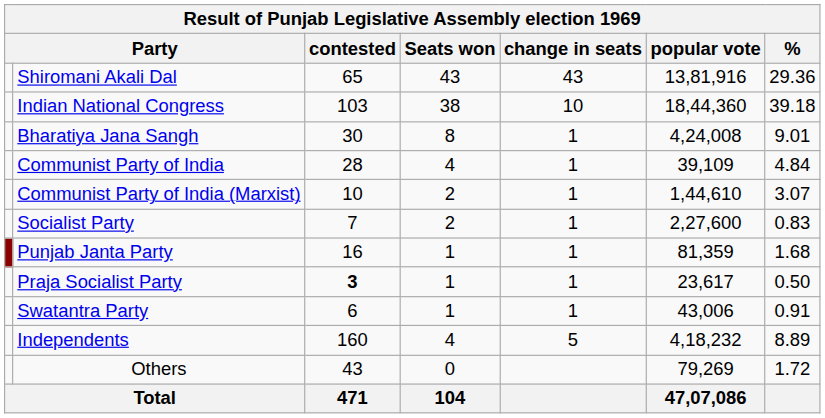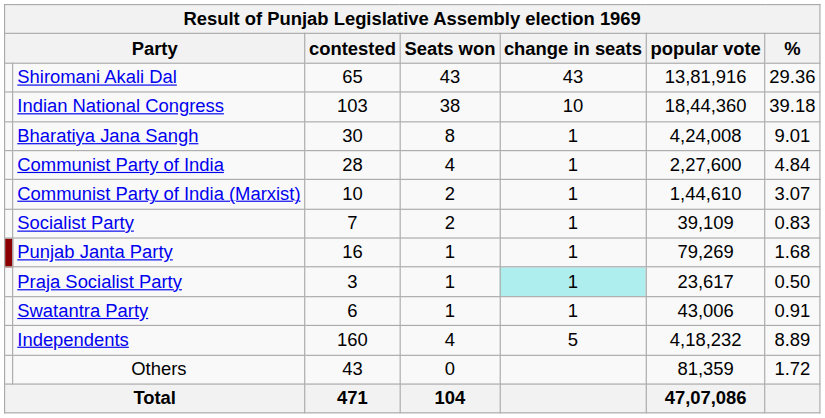 <table class=wikitable style="text-align:center">
 <tr>
 <th colspan=7>Result of Punjab Legislative Assembly election 1969</th>
 </tr>
 <tr>
 <th colspan=2>Party</th>
 <th>contested</th>
 <th>Seats won</th>
 <th>change in seats</th>
 <th>popular vote</th>
 <th>%</th>
 </tr>
 <tr>
 <td></td>
 <td align=left><a href='#'>Shiromani Akali Dal</a></td>
 <td>65</td>
 <td>43</td>
 <td> 43</td>
 <td>13,81,916</td>
 <td>29.36</td>
 </tr>
 <tr>
 <td></td>
 <td align=left><a href='#'>Indian National Congress</a></td>
 <td>103</td>
 <td>38</td>
 <td> 10</td>
 <td>18,44,360</td>
 <td>39.18</td>
 </tr>
 <tr>
 <td></td>
 <td align=left><a href='#'>Bharatiya Jana Sangh</a></td>
 <td>30</td>
 <td>8</td>
 <td> 1</td>
 <td>4,24,008</td>
 <td>9.01</td>
 </tr>
 <tr>
 <td></td>
 <td align=left><a href='#'>Communist Party of India</a></td>
 <td>28</td>
 <td>4</td>
 <td> 1</td>
-<td>39,109</td>
+<td>2,27,600</td>
 <td>4.84</td>
 </tr>
 <tr>
 <td></td>
 <td align=left><a href='#'>Communist Party of India (Marxist)</a></td>
 <td>10</td>
 <td>2</td>
 <td> 1</td>
 <td>1,44,610</td>
 <td>3.07</td>
 </tr>
 <tr>
 <td></td>
 <td align=left><a href='#'>Socialist Party</a></td>
 <td>7</td>
 <td>2</td>
 <td> 1</td>
-<td>2,27,600</td>
+<td>39,109</td>
 <td>0.83</td>
 </tr>
 <tr>
 <td bgcolor="darkred"></td>
 <td align=left><a href='#'>Punjab Janta Party</a></td>
 <td>16</td>
 <td>1</td>
 <td> 1</td>
-<td>81,359</td>
+<td>79,269</td>
 <td>1.68</td>
 </tr>
 <tr>
 <td></td>
 <td align=left><a href='#'>Praja Socialist Party</a></td>
-<td><strong>3</strong></td>
+<td>3</td>
 <td>1</td>
-<td> 1</td>
+<td style="background: paleturquoise;"> 1</td>
 <td>23,617</td>
 <td>0.50</td>
 </tr>
 <tr>
 <td></td>
 <td align=left><a href='#'>Swatantra Party</a></td>
 <td>6</td>
 <td>1</td>
 <td> 1</td>
 <td>43,006</td>
 <td>0.91</td>
 </tr>
 <tr>
 <td></td>
 <td align=left><a href='#'>Independents</a></td>
 <td>160</td>
 <td>4</td>
 <td> 5</td>
 <td>4,18,232</td>
 <td>8.89</td>
 </tr>
 <tr>
 <td></td>
 <td>Others</td>
 <td>43</td>
 <td>0</td>
 <td></td>
-<td>79,269</td>
+<td>81,359</td>
 <td>1.72</td>
 </tr>
 <tr>
 <th colspan=2 align=left>Total</th>
 <th>471</th>
 <th>104</th>
 <th></th>
 <th>47,07,086</th>
 <th></th>
 </tr>
 </table>
